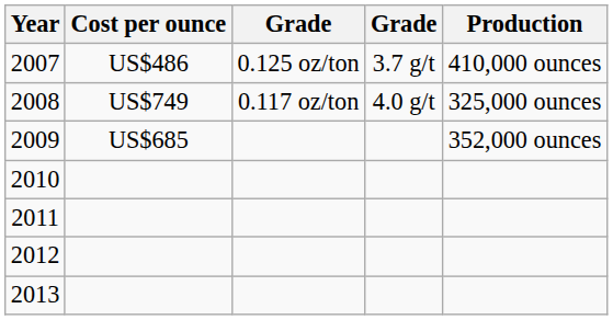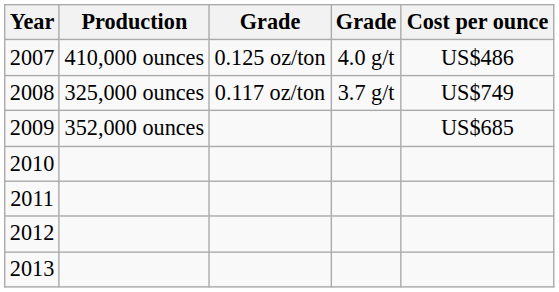 <table class="wikitable">
 <tr style="text-align:center;">
 <th>Year</th>
-<th>Cost per ounce</th>
+<th>Production</th>
 <th>Grade</th>
 <th>Grade</th>
-<th>Production</th>
+<th>Cost per ounce</th>
 </tr>
 <tr style="text-align:center;">
 <td>2007</td>
+<td>410,000 ounces</td>
+<td>0.125 oz/ton</td>
+<td>4.0 g/t</td>
 <td>US$486</td>
-<td>0.125 oz/ton</td>
-<td>3.7 g/t</td>
-<td>410,000 ounces</td>
 </tr>
 <tr style="text-align:center;">
 <td>2008</td>
+<td>325,000 ounces</td>
+<td>0.117 oz/ton</td>
+<td>3.7 g/t</td>
 <td>US$749</td>
-<td>0.117 oz/ton</td>
-<td>4.0 g/t</td>
-<td>325,000 ounces</td>
 </tr>
 <tr style="text-align:center;">
 <td>2009</td>
-<td>US$685</td>
+<td>352,000 ounces</td>
 <td></td>
 <td></td>
-<td>352,000 ounces</td>
+<td>US$685</td>
 </tr>
 <tr style="text-align:center;">
 <td>2010</td>
 <td></td>
 <td></td>
 <td></td>
 <td></td>
 </tr>
 <tr style="text-align:center;">
 <td>2011</td>
 <td></td>
 <td></td>
 <td></td>
 <td></td>
 </tr>
 <tr style="text-align:center;">
 <td>2012</td>
 <td></td>
 <td></td>
 <td></td>
 <td></td>
 </tr>
 <tr style="text-align:center;">
 <td>2013</td>
 <td></td>
 <td></td>
 <td></td>
 <td></td>
 </tr>
 </table>
